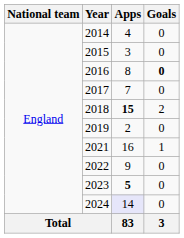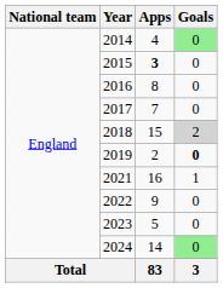 <table class="wikitable" style="text-align: center;">
 <tr>
 <th>National team</th>
 <th>Year</th>
 <th>Apps</th>
 <th>Goals</th>
 </tr>
 <tr>
 <td rowspan="10"><a href='#'>England</a></td>
 <td>2014</td>
 <td>4</td>
-<td>0</td>
+<td style="background: lightgreen;">0</td>
 </tr>
 <tr>
 <td>2015</td>
-<td>3</td>
+<td><strong>3</strong></td>
 <td>0</td>
 </tr>
 <tr>
 <td>2016</td>
 <td>8</td>
-<td><strong>0</strong></td>
+<td>0</td>
 </tr>
 <tr>
 <td>2017</td>
 <td>7</td>
 <td>0</td>
 </tr>
 <tr>
 <td>2018</td>
-<td><strong>15</strong></td>
-<td>2</td>
+<td>15</td>
+<td style="background: lightgrey;">2</td>
 </tr>
 <tr>
 <td>2019</td>
 <td>2</td>
-<td>0</td>
+<td><strong>0</strong></td>
 </tr>
 <tr>
 <td>2021</td>
 <td>16</td>
 <td>1</td>
 </tr>
 <tr>
 <td>2022</td>
 <td>9</td>
 <td>0</td>
 </tr>
 <tr>
 <td>2023</td>
-<td><strong>5</strong></td>
+<td>5</td>
 <td>0</td>
 </tr>
 <tr>
 <td>2024</td>
-<td style="background: lavender;">14</td>
-<td>0</td>
+<td>14</td>
+<td style="background: lightgreen;">0</td>
 </tr>
 <tr>
 <th colspan="2">Total</th>
 <th>83</th>
 <th>3</th>
 </tr>
 </table>
